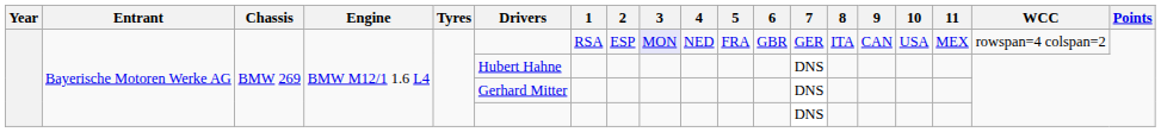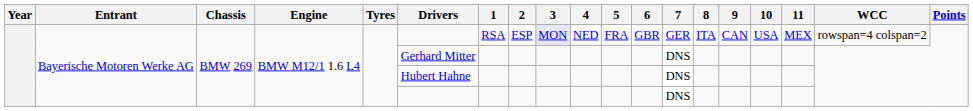 <table class="wikitable" style="text-align:center; font-size:85%">
 <tr>
 <th>Year</th>
 <th>Entrant</th>
 <th>Chassis</th>
 <th>Engine</th>
 <th>Tyres</th>
 <th>Drivers</th>
 <th>1</th>
 <th>2</th>
 <th>3</th>
 <th>4</th>
 <th>5</th>
 <th>6</th>
 <th>7</th>
 <th>8</th>
 <th>9</th>
 <th>10</th>
 <th>11</th>
 <th>WCC</th>
 <th><a href='#'>Points</a></th>
 </tr>
 <tr>
 <th rowspan=4></th>
 <td rowspan=4><a href='#'>Bayerische Motoren Werke AG</a></td>
 <td rowspan=4><a href='#'>BMW</a> <a href='#'>269</a></td>
 <td rowspan=4><a href='#'>BMW M12/1</a> 1.6 <a href='#'>L4</a></td>
 <td rowspan=4></td>
 <td></td>
 <td><a href='#'>RSA</a></td>
 <td><a href='#'>ESP</a></td>
 <td style="background: lavender;"><a href='#'>MON</a></td>
 <td><a href='#'>NED</a></td>
 <td><a href='#'>FRA</a></td>
 <td><a href='#'>GBR</a></td>
 <td><a href='#'>GER</a></td>
 <td><a href='#'>ITA</a></td>
 <td><a href='#'>CAN</a></td>
 <td><a href='#'>USA</a></td>
 <td><a href='#'>MEX</a></td>
 <td>rowspan=4 colspan=2 </td>
 </tr>
 <tr>
-<td align="left"> <a href='#'>Hubert Hahne</a></td>
+<td align="left"> <a href='#'>Gerhard Mitter</a></td>
 <td></td>
 <td></td>
 <td></td>
 <td></td>
 <td></td>
 <td></td>
 <td style="background:#FFFFFF;">DNS</td>
 <td></td>
 <td></td>
 <td></td>
 <td></td>
 </tr>
 <tr>
-<td align="left"> <a href='#'>Gerhard Mitter</a></td>
+<td align="left"> <a href='#'>Hubert Hahne</a></td>
 <td></td>
 <td></td>
 <td></td>
 <td></td>
 <td></td>
 <td></td>
 <td style="background:#FFFFFF;">DNS</td>
 <td></td>
 <td></td>
 <td></td>
 <td></td>
 </tr>
 <tr>
 <td align="left"></td>
 <td></td>
 <td></td>
 <td></td>
 <td></td>
 <td></td>
 <td></td>
 <td style="background:#FFFFFF;">DNS</td>
 <td></td>
 <td></td>
 <td></td>
 <td></td>
 </tr>
 </table>
